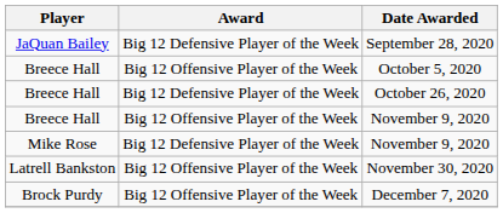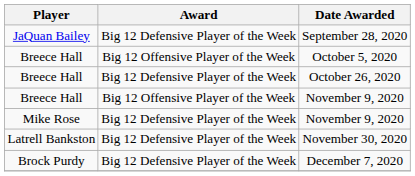 <table class="wikitable" style="text-align: center">
 <tr align="center">
 <th>Player</th>
 <th>Award</th>
 <th>Date Awarded</th>
 </tr>
 <tr>
 <td><a href='#'>JaQuan Bailey</a></td>
 <td>Big 12 Defensive Player of the Week</td>
 <td>September 28, 2020</td>
 </tr>
 <tr>
 <td>Breece Hall</td>
 <td>Big 12 Offensive Player of the Week</td>
 <td>October 5, 2020</td>
 </tr>
 <tr>
 <td>Breece Hall</td>
 <td>Big 12 Defensive Player of the Week</td>
 <td>October 26, 2020</td>
 </tr>
 <tr>
 <td>Breece Hall</td>
 <td>Big 12 Offensive Player of the Week</td>
 <td>November 9, 2020</td>
 </tr>
 <tr>
 <td>Mike Rose</td>
 <td>Big 12 Defensive Player of the Week</td>
 <td>November 9, 2020</td>
 </tr>
 <tr>
 <td>Latrell Bankston</td>
-<td>Big 12 Offensive Player of the Week</td>
+<td>Big 12 Defensive Player of the Week</td>
 <td>November 30, 2020</td>
 </tr>
 <tr>
 <td>Brock Purdy</td>
-<td>Big 12 Offensive Player of the Week</td>
+<td>Big 12 Defensive Player of the Week</td>
 <td>December 7, 2020</td>
 </tr>
 <tr>
 </tr>
 </table>
